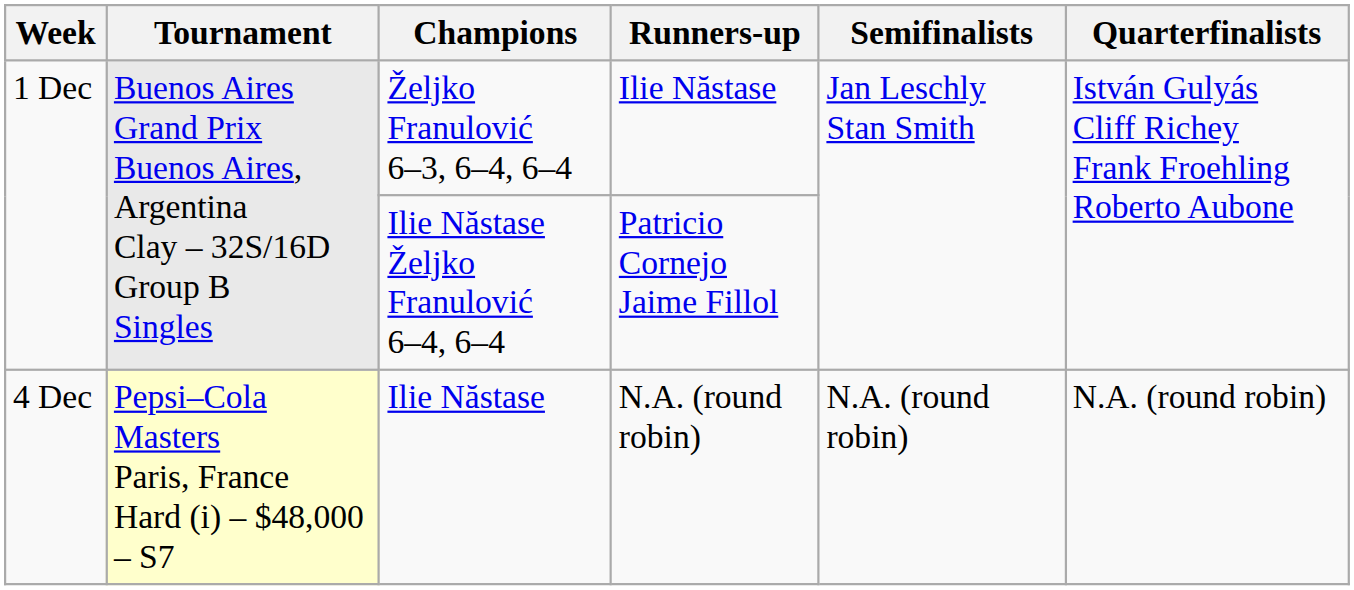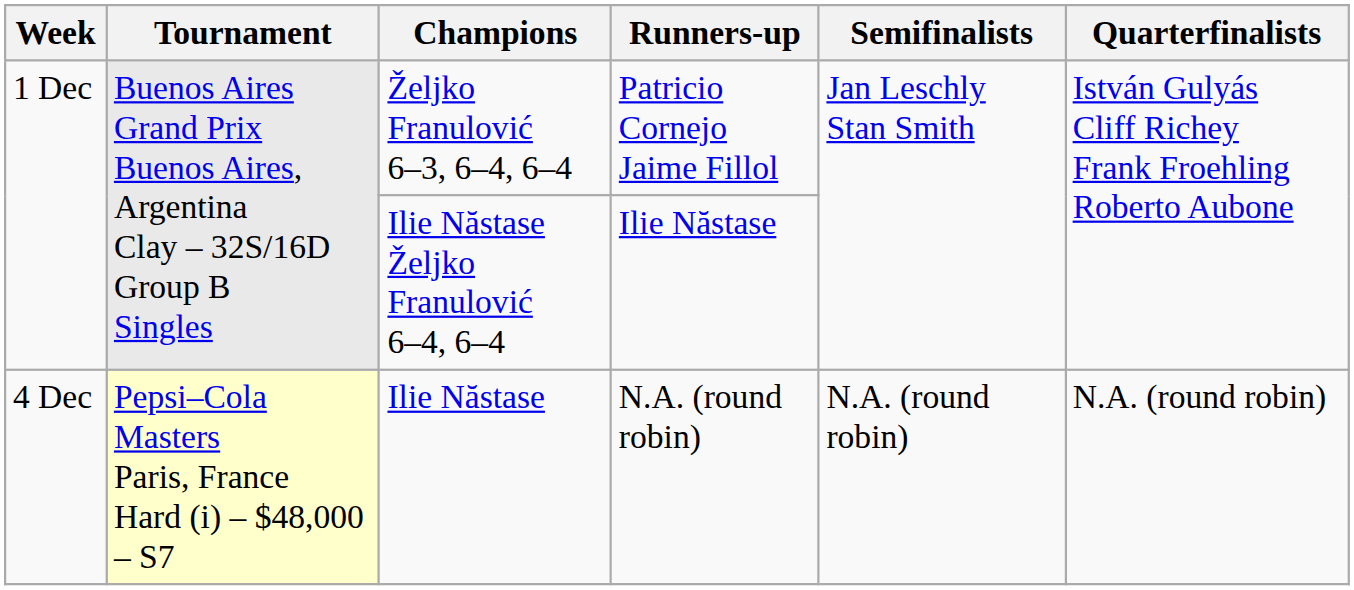 <table class=wikitable style=font-size:95%>
 <tr>
 <th style="width:48px;">Week</th>
 <th style="width:260px;">Tournament</th>
 <th style="width:190px;">Champions</th>
 <th style="width:190px;">Runners-up</th>
 <th style="width:190px;">Semifinalists</th>
 <th style="width:190px;">Quarterfinalists</th>
 </tr>
 <tr valign=top>
 <td rowspan=2>1 Dec</td>
 <td style="background:#E9E9E9;" rowspan="2"><a href='#'>Buenos Aires Grand Prix</a> <br> <a href='#'>Buenos Aires</a>, Argentina <br> Clay – 32S/16D <br> Group B <br> <a href='#'>Singles</a></td>
 <td> <a href='#'>Željko Franulović</a> <br> 6–3, 6–4, 6–4</td>
-<td> <a href='#'>Ilie Năstase</a></td>
+<td> <a href='#'>Patricio Cornejo</a> <br>  <a href='#'>Jaime Fillol</a></td>
 <td rowspan=2> <a href='#'>Jan Leschly</a> <br>  <a href='#'>Stan Smith</a></td>
 <td rowspan=2> <a href='#'>István Gulyás</a> <br>  <a href='#'>Cliff Richey</a> <br>  <a href='#'>Frank Froehling</a> <br>  <a href='#'>Roberto Aubone</a></td>
 </tr>
 <tr valign=top>
 <td> <a href='#'>Ilie Năstase</a> <br>  <a href='#'>Željko Franulović</a> <br> 6–4, 6–4</td>
-<td> <a href='#'>Patricio Cornejo</a> <br>  <a href='#'>Jaime Fillol</a></td>
+<td> <a href='#'>Ilie Năstase</a></td>
 </tr>
 <tr valign=top>
 <td>4 Dec</td>
 <td style="background:#ffc;"><a href='#'>Pepsi–Cola Masters</a> <br> Paris, France <br> Hard (i) – $48,000 – S7</td>
 <td> <a href='#'>Ilie Năstase</a></td>
 <td>N.A. (round robin)</td>
 <td>N.A. (round robin)</td>
 <td>N.A. (round robin)</td>
 </tr>
 </table>
